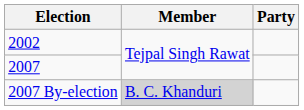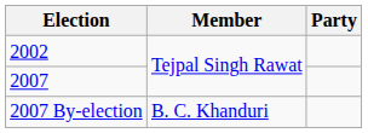 <table class="wikitable sortable">
 <tr>
 <th>Election</th>
 <th>Member</th>
 <th colspan=2>Party</th>
 </tr>
 <tr>
 <td><a href='#'>2002</a></td>
 <td rowspan=2><a href='#'>Tejpal Singh Rawat</a></td>
 <td></td>
 </tr>
 <tr>
 <td><a href='#'>2007</a></td>
 </tr>
 <tr>
 <td><a href='#'>2007 By-election</a></td>
-<td style="background: lightgrey;"><a href='#'>B. C. Khanduri</a></td>
+<td><a href='#'>B. C. Khanduri</a></td>
 <td></td>
 </tr>
 </table>
